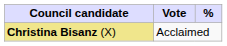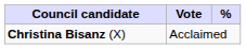 <table class="wikitable">
 <tr>
 <th style="background:#ddf; width:200px;">Council candidate</th>
 <th style="background:#ddf; width:50px;">Vote</th>
 <th style="background:#ddf; width:30px;">%</th>
 </tr>
 <tr>
-<td style="background: khaki;"><strong>Christina Bisanz</strong> (X)</td>
+<td><strong>Christina Bisanz</strong> (X)</td>
 <td colspan="2">Acclaimed</td>
 </tr>
 </table>
